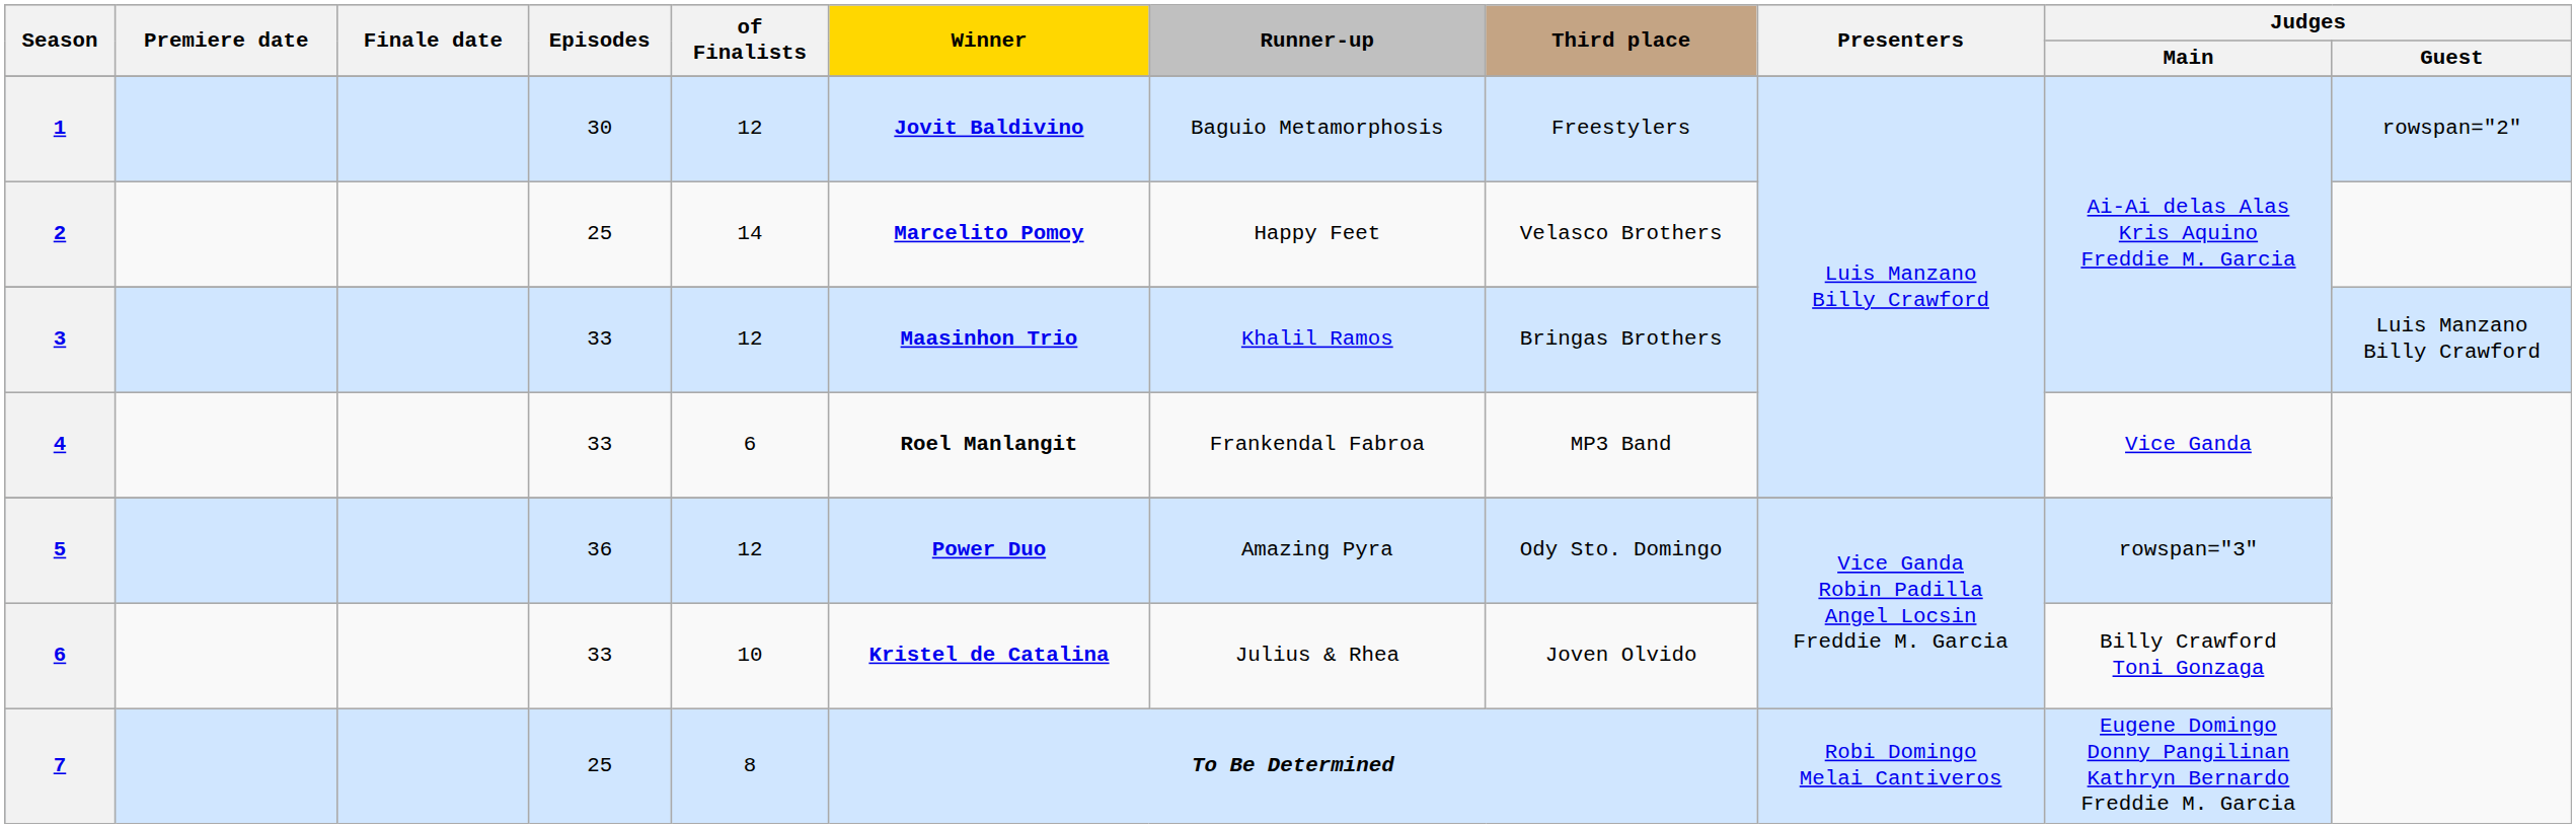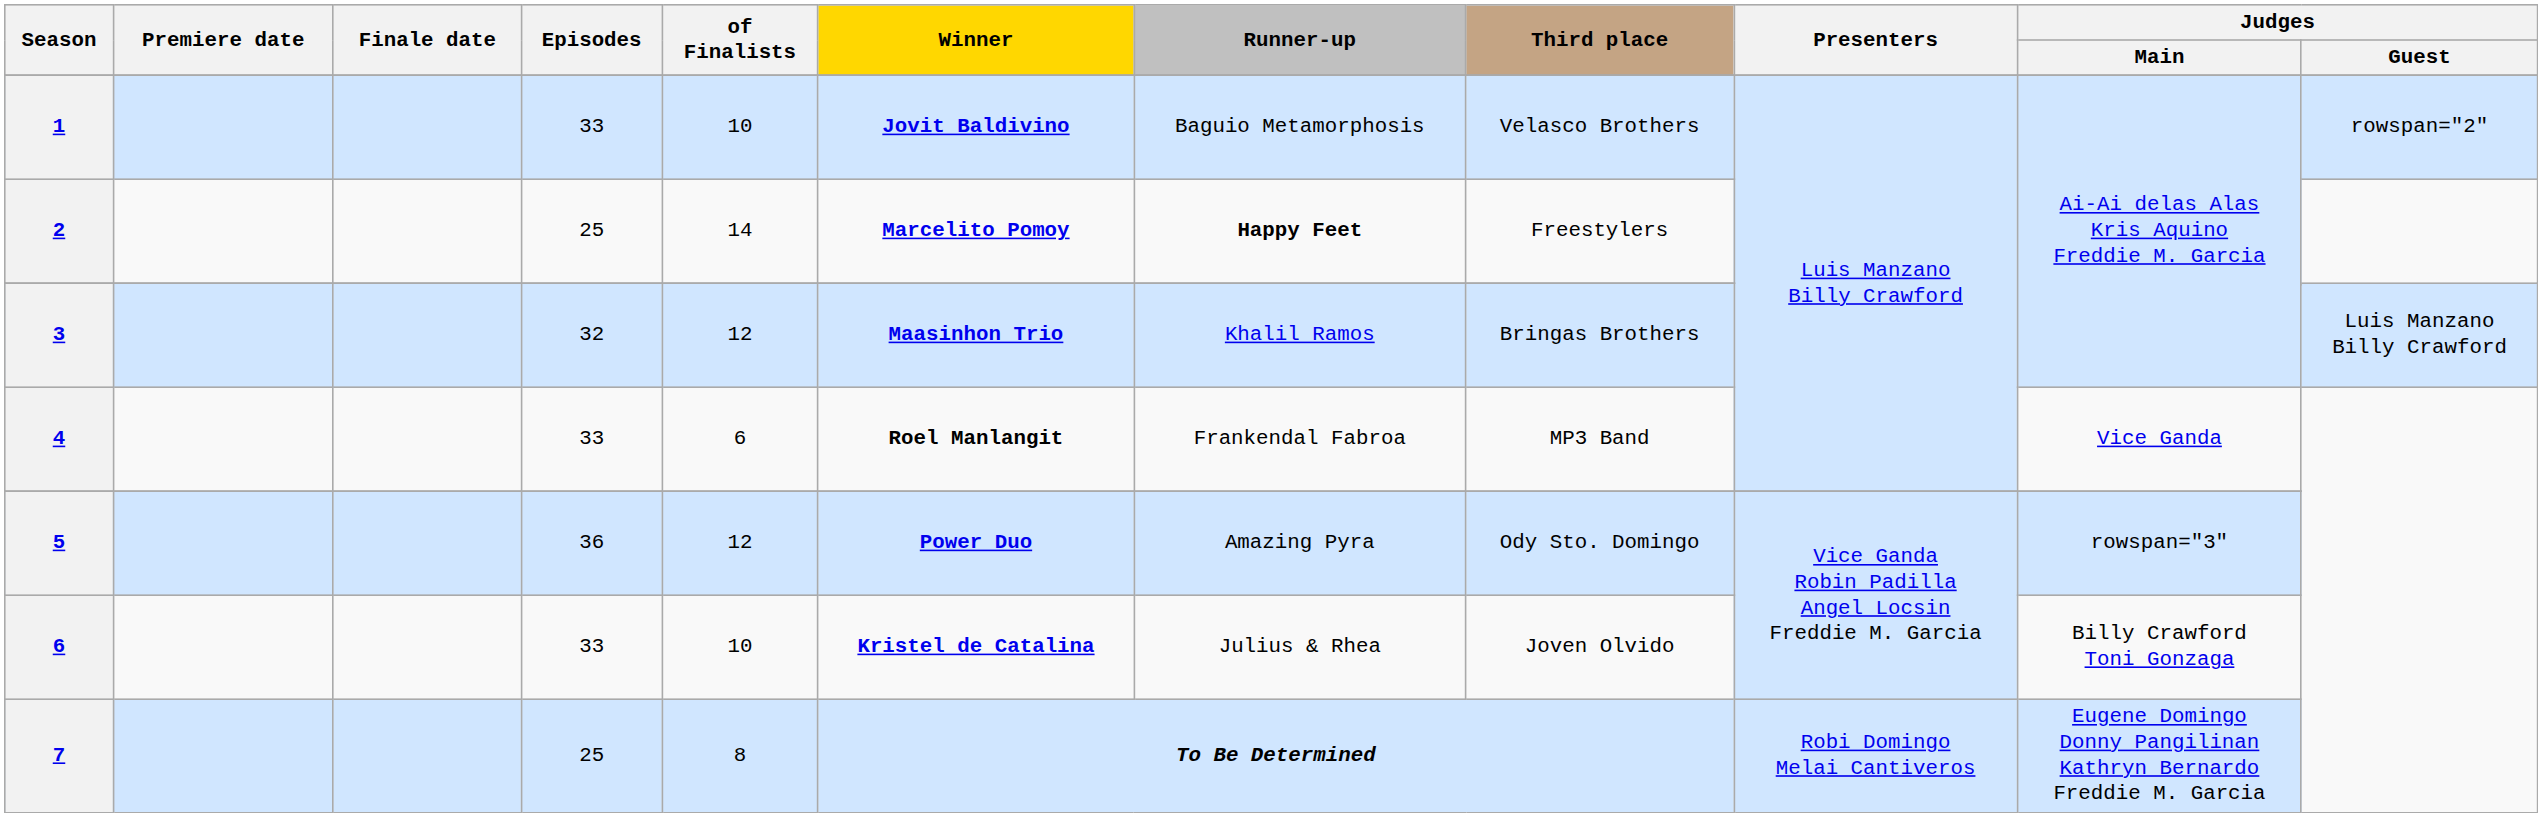 <table class="wikitable nowrap" style="text-align:center; line-height:16px;" width="100%">
 <tr>
 <th rowspan="2">Season</th>
 <th rowspan="2">Premiere date</th>
 <th rowspan="2">Finale date</th>
 <th rowspan="2">Episodes</th>
 <th rowspan="2"> of<br>Finalists</th>
 <th rowspan="2" style="background:gold;">Winner</th>
 <th rowspan="2" style="background:#C0C0C0;">Runner-up</th>
 <th rowspan="2" style="background:#C4A484;">Third place</th>
 <th rowspan="2">Presenters</th>
 <th colspan="2">Judges</th>
 </tr>
 <tr>
 <th scope="col" width="auto">Main</th>
 <th scope="col" width="auto">Guest</th>
 </tr>
 <tr>
 </tr>
 <tr style="background: #D0E6FF; height: 5em;">
 <th scope="row"><a href='#'>1</a></th>
 <td></td>
 <td></td>
-<td>30</td>
-<td>12</td>
+<td>33</td>
+<td>10</td>
 <td><strong><a href='#'>Jovit Baldivino</a></strong><br><small></small></td>
 <td>Baguio Metamorphosis<br><small></small></td>
-<td>Freestylers<br><small></small></td>
+<td>Velasco Brothers<br><small></small></td>
 <td rowspan="5"><a href='#'>Luis Manzano</a><br><a href='#'>Billy Crawford</a></td>
 <td rowspan="4"><a href='#'>Ai-Ai delas Alas</a><br><a href='#'>Kris Aquino</a><br><a href='#'>Freddie M. Garcia</a></td>
 <td>rowspan="2" </td>
 </tr>
 <tr style="height: 5em;">
 <th scope="row"><a href='#'>2</a></th>
 <td></td>
 <td></td>
 <td>25</td>
 <td>14</td>
 <td><strong><a href='#'>Marcelito Pomoy</a></strong><br><small></small></td>
-<td>Happy Feet<br><small></small></td>
-<td>Velasco Brothers<br><small></small></td>
+<td><strong>Happy Feet<br><small></small></strong></td>
+<td>Freestylers<br><small></small></td>
 </tr>
 <tr>
 </tr>
 <tr style="background: #D0E6FF; height: 5em;">
 <th scope="row"><a href='#'>3</a></th>
 <td></td>
 <td></td>
-<td>33</td>
+<td>32</td>
 <td>12</td>
 <td><strong><a href='#'>Maasinhon Trio</a></strong><br><small></small></td>
 <td><a href='#'>Khalil Ramos</a><br><small></small></td>
 <td>Bringas Brothers<br><small></small></td>
 <td>Luis Manzano<br>Billy Crawford</td>
 </tr>
 <tr style="height: 5em;">
 <th scope="row"><a href='#'>4</a></th>
 <td></td>
 <td></td>
 <td>33</td>
 <td>6</td>
 <td><strong>Roel Manlangit</strong><br><small></small></td>
 <td>Frankendal Fabroa<br><small></small></td>
 <td>MP3 Band<br><small></small></td>
 <td><a href='#'>Vice Ganda</a></td>
 </tr>
 <tr>
 </tr>
 <tr style="background: #D0E6FF; height: 5em;">
 <th scope="row"><a href='#'>5</a></th>
 <td></td>
 <td></td>
 <td>36</td>
 <td>12</td>
 <td><strong><a href='#'>Power Duo</a></strong><br><small></small></td>
 <td>Amazing Pyra<br><small></small></td>
 <td>Ody Sto. Domingo<br><small></small></td>
 <td rowspan="2"><a href='#'>Vice Ganda</a><br><a href='#'>Robin Padilla</a><br><a href='#'>Angel Locsin</a><br>Freddie M. Garcia</td>
 <td>rowspan="3" </td>
 </tr>
 <tr style="height: 5em;">
 <th scope="row"><a href='#'>6</a></th>
 <td></td>
 <td></td>
 <td>33</td>
 <td>10</td>
 <td><strong><a href='#'>Kristel de Catalina</a></strong><br><small></small></td>
 <td>Julius & Rhea<br><small></small></td>
 <td>Joven Olvido<br><small></small></td>
 <td>Billy Crawford<br><a href='#'>Toni Gonzaga</a></td>
 </tr>
 <tr style="background: #D0E6FF; height: 5em;">
 <th scope="row"><a href='#'>7</a></th>
 <td></td>
 <td></td>
 <td>25</td>
 <td>8</td>
 <td colspan="3"><strong><em>To Be Determined</em></strong></td>
 <td><a href='#'>Robi Domingo</a><br><a href='#'>Melai Cantiveros</a></td>
 <td><a href='#'>Eugene Domingo</a><br><a href='#'>Donny Pangilinan</a><br><a href='#'>Kathryn Bernardo</a><br>Freddie M. Garcia</td>
 </tr>
 </table>
